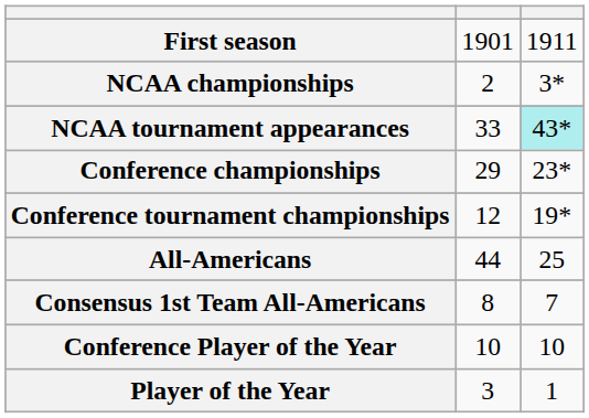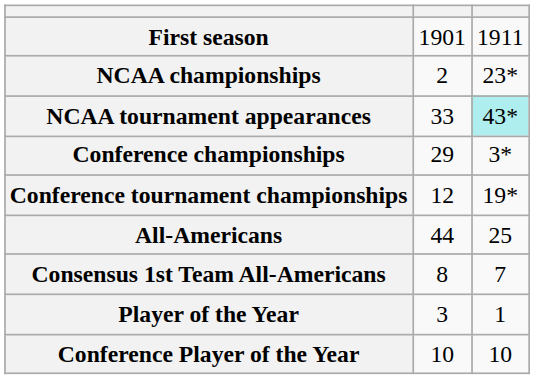 <table class="wikitable" style="float:right; clear:right; margin-left:1em; font-size:88%;">
 <tr>
 <th></th>
 <th><a href='#'></a></th>
 <th><a href='#'></a></th>
 </tr>
 <tr>
 <th scope=row>First season</th>
 <td align=center>1901</td>
 <td align=center>1911</td>
 </tr>
 <tr>
 <th scope=row>NCAA championships</th>
 <td align=center>2</td>
-<td align=center>3*</td>
+<td align=center>23*</td>
 </tr>
 <tr>
 <th scope=row>NCAA tournament appearances</th>
 <td align=center>33</td>
 <td align=center style="background: paleturquoise;">43*</td>
 </tr>
 <tr>
 <th scope=row>Conference championships</th>
 <td align=center>29</td>
-<td align=center>23*</td>
+<td align=center>3*</td>
 </tr>
 <tr>
 <th scope=row>Conference tournament championships</th>
 <td align=center>12</td>
 <td align=center>19*</td>
 </tr>
 <tr>
 <th scope=row>All-Americans</th>
 <td align=center>44</td>
 <td align=center>25</td>
 </tr>
 <tr>
 <th scope=row>Consensus 1st Team All-Americans</th>
 <td align=center>8</td>
 <td align=center>7</td>
 </tr>
 <tr>
+<th scope=row>Player of the Year</th>
+<td align=center>3</td>
+<td align=center>1</td>
+</tr>
+<tr>
 <th scope=row>Conference Player of the Year</th>
 <td align=center>10</td>
 <td align=center>10</td>
 </tr>
-<tr>
-<th scope=row>Player of the Year</th>
-<td align=center>3</td>
-<td align=center>1</td>
-</tr>
 </table>
